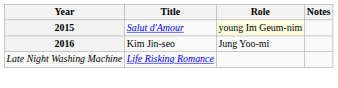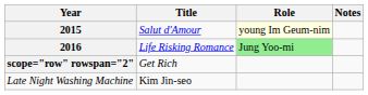 <table class="wikitable plainrowheaders">
 <tr>
 <th scope="col">Year</th>
 <th scope="col">Title</th>
 <th scope="col">Role</th>
 <th scope="col">Notes</th>
 </tr>
 <tr>
 <th scope="row">2015</th>
 <td><em><a href='#'>Salut d'Amour</a></em></td>
 <td style="background: lightyellow;">young Im Geum-nim</td>
 <td></td>
 </tr>
 <tr>
 <th scope="row">2016</th>
-<td>Kim Jin-seo</td>
-<td>Jung Yoo-mi</td>
+<td><em><a href='#'>Life Risking Romance</a></em></td>
+<td style="background: lightgreen;">Jung Yoo-mi</td>
+<td></td>
+</tr>
+<tr>
+<th>scope="row" rowspan="2" </th>
+<td><em>Get Rich</em></td>
+<td></td>
 <td></td>
 </tr>
 <tr>
 <td><em>Late Night Washing Machine</em></td>
-<td><em><a href='#'>Life Risking Romance</a></em></td>
+<td>Kim Jin-seo</td>
 <td></td>
 </tr>
 </table>
